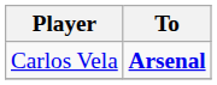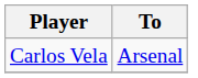 <table class="wikitable">
 <tr>
 <th>Player</th>
 <th>To</th>
 </tr>
 <tr>
 <td> <a href='#'>Carlos Vela</a></td>
-<td><strong> <a href='#'>Arsenal</a></strong></td>
+<td> <a href='#'>Arsenal</a></td>
 </tr>
 <tr>
 </tr>
 </table>
